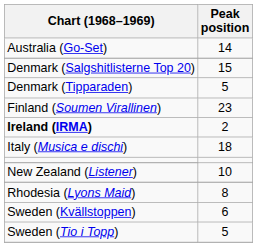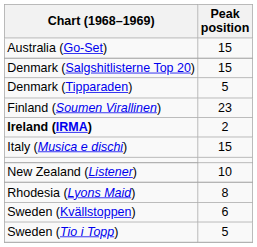 <table class="wikitable sortable">
 <tr>
 <th>Chart (1968–1969)</th>
 <th>Peak<br>position</th>
 </tr>
 <tr>
 <td>Australia (<a href='#'>Go-Set</a>)</td>
-<td align="center">14</td>
+<td align="center">15</td>
 </tr>
 <tr>
 </tr>
 <tr>
 </tr>
 <tr>
 </tr>
 <tr>
 <td>Denmark (<a href='#'>Salgshitlisterne Top 20</a>)</td>
 <td style="text-align:center;">15</td>
 </tr>
 <tr>
 <td>Denmark (<a href='#'>Tipparaden</a>)</td>
 <td style="text-align:center;">5</td>
 </tr>
 <tr>
 <td>Finland (<a href='#'><em>Soumen Virallinen</em></a>)</td>
 <td style="text-align:center;">23</td>
 </tr>
 <tr>
 <td><strong>Ireland (<a href='#'>IRMA</a>)</strong></td>
 <td align="center">2</td>
 </tr>
 <tr>
 <td>Italy (<em><a href='#'>Musica e dischi</a></em>)</td>
-<td align="center">18</td>
+<td align="center">15</td>
 </tr>
 <tr>
 <td></td>
 </tr>
 <tr>
 </tr>
 <tr>
 <td>New Zealand (<a href='#'><em>Listener</em></a>)</td>
 <td style="text-align:center;">10</td>
 </tr>
 <tr>
 </tr>
 <tr>
 <td>Rhodesia (<em><a href='#'>Lyons Maid</a></em>)</td>
 <td style="text-align:center;">8</td>
 </tr>
 <tr>
 <td>Sweden (<a href='#'>Kvällstoppen</a>)</td>
 <td style="text-align:center;">6</td>
 </tr>
 <tr>
 <td>Sweden (<em><a href='#'>Tio i Topp</a></em>)</td>
 <td style="text-align:center;">5</td>
 </tr>
 <tr>
 </tr>
 <tr>
 </tr>
 </table>
